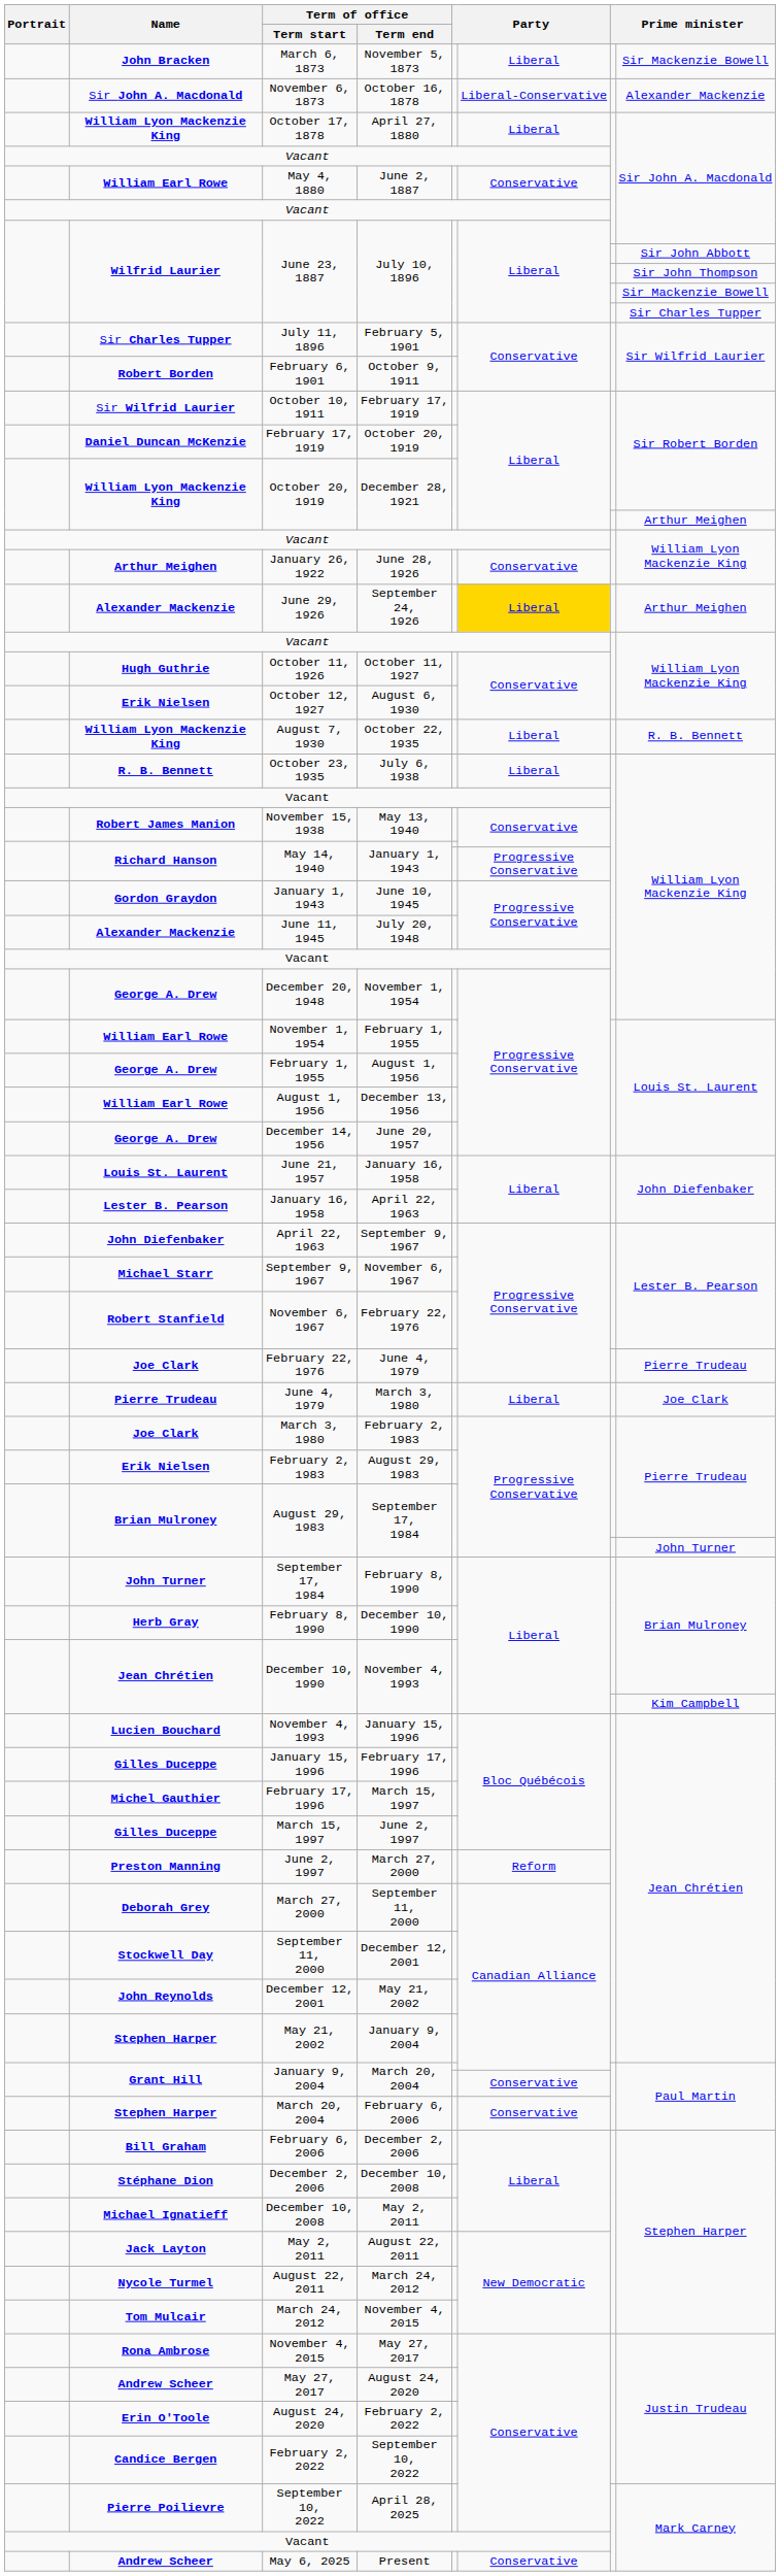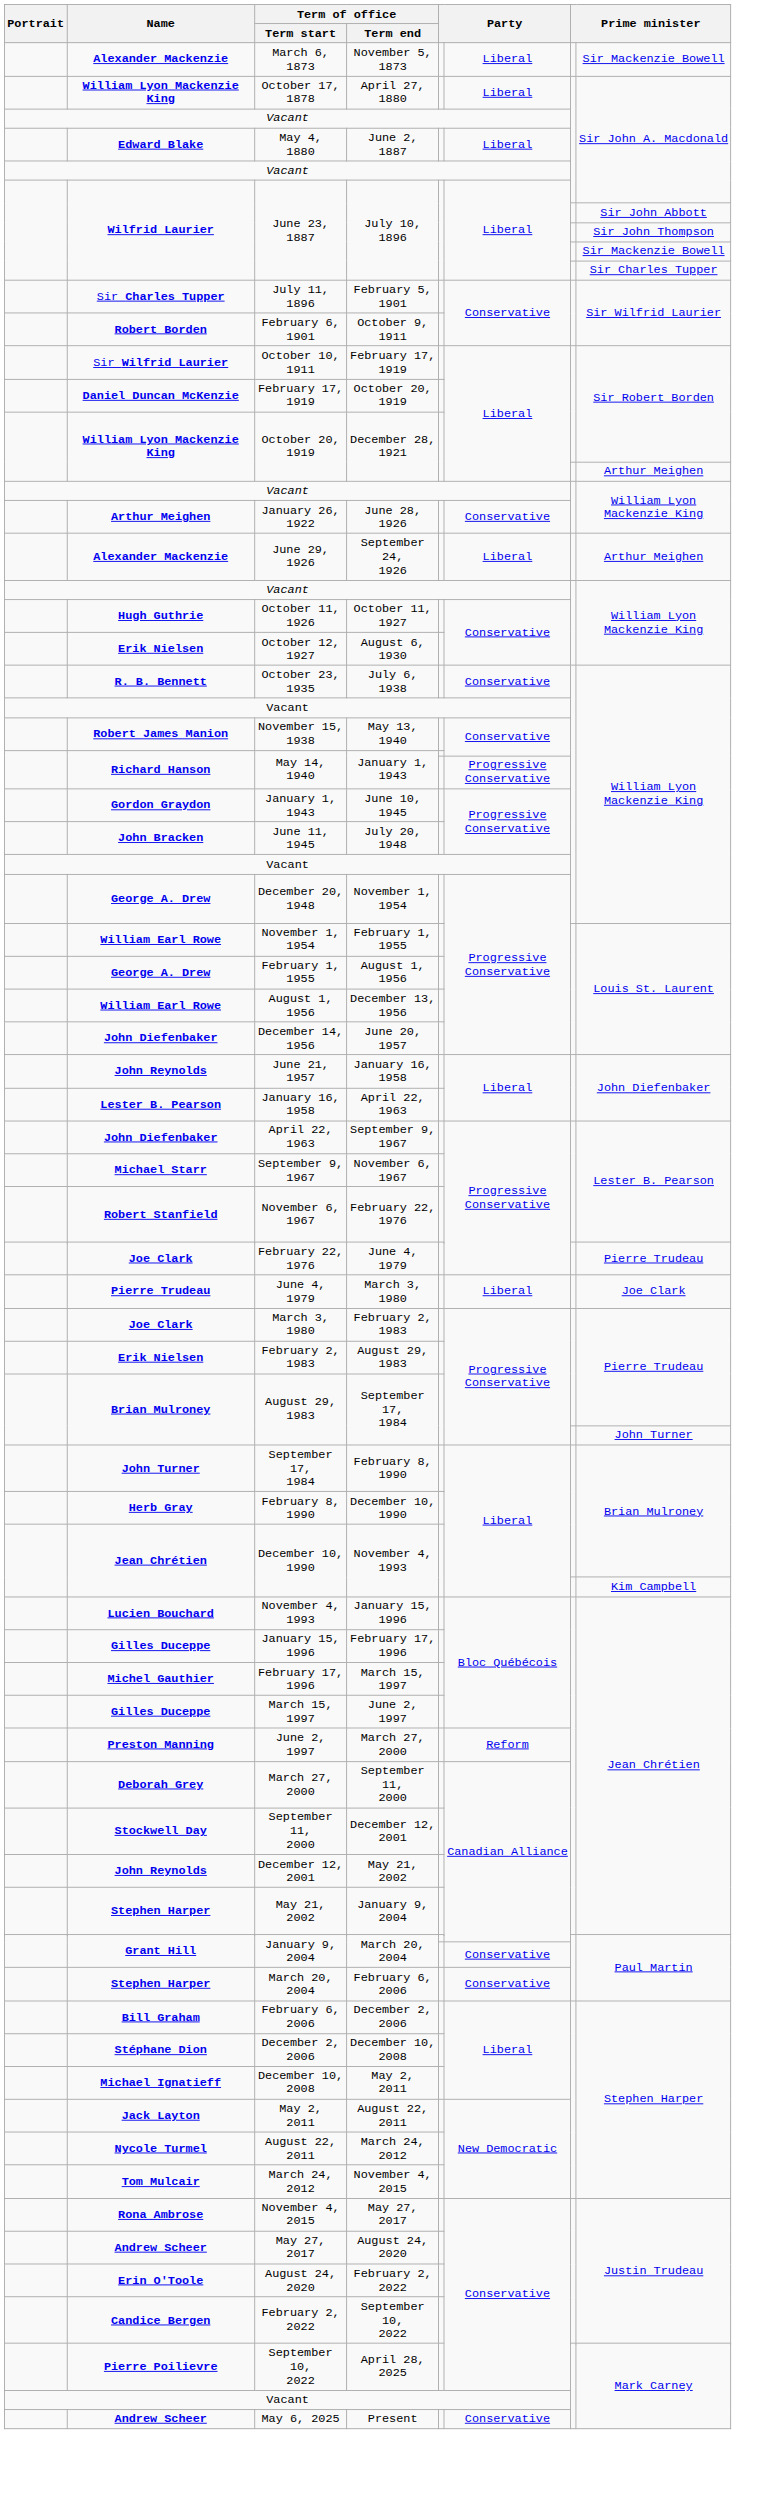 <table class="wikitable sortable mw-collapsible sticky-header-multi" style="text-align:center;">
 <tr>
 <th rowspan="2" scope="col">Portrait</th>
 <th rowspan="2" scope="col" width="200px">Name<br></th>
 <th colspan="2" scope="col" width="100px">Term of office</th>
 <th colspan="2" rowspan="2">Party</th>
 <th colspan="2" rowspan="2">Prime minister<br></th>
 </tr>
 <tr>
 <th width="95px">Term start</th>
 <th width="95px">Term end</th>
 </tr>
 <tr>
 <td></td>
-<td><strong><a href='#'>John Bracken</a></strong><br></td>
+<td><a href='#'><strong>Alexander Mackenzie</strong></a><br></td>
 <td>March 6,<br>1873</td>
 <td>November 5,<br>1873</td>
 <td style="background:"></td>
 <td><a href='#'>Liberal</a></td>
 <td style="background:"></td>
 <td><a href='#'>Sir Mackenzie Bowell</a><br><a href='#'></a></td>
-</tr>
-<tr>
-<td></td>
-<td><a href='#'>Sir <strong>John A. Macdonald</strong></a><br></td>
-<td>November 6,<br>1873</td>
-<td>October 16,<br>1878</td>
-<td style="background:"></td>
-<td><a href='#'>Liberal-Conservative</a></td>
-<td style="background:"></td>
-<td><a href='#'>Alexander Mackenzie</a><br><a href='#'></a></td>
 </tr>
 <tr>
 <td></td>
 <td><strong><a href='#'>William Lyon Mackenzie King</a></strong><br></td>
 <td>October 17,<br>1878</td>
 <td>April 27,<br>1880</td>
 <td style="background:"></td>
 <td><a href='#'>Liberal</a></td>
 <td rowspan="5" style="background:"></td>
 <td rowspan="5"><a href='#'>Sir John A. Macdonald</a><br><a href='#'></a></td>
 </tr>
 <tr>
 <td colspan="6"><em>Vacant</em><br></td>
 </tr>
 <tr>
 <td></td>
-<td><strong><a href='#'>William Earl Rowe</a></strong><br></td>
+<td><strong><a href='#'>Edward Blake</a></strong><br></td>
 <td>May 4,<br>1880</td>
 <td>June 2,<br>1887</td>
 <td style="background:"></td>
-<td><a href='#'>Conservative</a></td>
+<td><a href='#'>Liberal</a></td>
 </tr>
 <tr>
 <td colspan="6"><em>Vacant</em><br></td>
 </tr>
 <tr style="height:25px">
 <td rowspan="5"></td>
 <td rowspan="5"><strong><a href='#'>Wilfrid Laurier</a></strong><br></td>
 <td rowspan="5">June 23,<br>1887</td>
 <td rowspan="5">July 10,<br>1896</td>
 <td rowspan="5" style="background:"></td>
 <td rowspan="5"><a href='#'>Liberal</a></td>
 </tr>
 <tr>
 <td style="background:"></td>
 <td><a href='#'>Sir John Abbott</a><br><a href='#'></a></td>
 </tr>
 <tr>
 <td style="background:"></td>
 <td><a href='#'>Sir John Thompson</a><br><a href='#'></a></td>
 </tr>
 <tr>
 <td style="background:"></td>
 <td><a href='#'>Sir Mackenzie Bowell</a><br><a href='#'></a></td>
 </tr>
 <tr>
 <td style="background:"></td>
 <td><a href='#'>Sir Charles Tupper</a><br><a href='#'></a></td>
 </tr>
 <tr>
 <td></td>
 <td><a href='#'>Sir <strong>Charles Tupper</strong></a><br></td>
 <td>July 11,<br>1896</td>
 <td>February 5,<br>1901</td>
 <td style="background:"></td>
 <td rowspan="2"><a href='#'>Conservative</a></td>
 <td rowspan="2" style="background:"></td>
 <td rowspan="2"><a href='#'>Sir Wilfrid Laurier</a><br><a href='#'></a></td>
 </tr>
 <tr>
 <td></td>
 <td><strong><a href='#'>Robert Borden</a></strong><br></td>
 <td>February 6,<br>1901</td>
 <td>October 9,<br>1911</td>
 <td style="background:"></td>
 </tr>
 <tr>
 <td></td>
 <td><a href='#'>Sir <strong>Wilfrid Laurier</strong></a><br></td>
 <td>October 10,<br>1911</td>
 <td>February 17,<br>1919</td>
 <td style="background:"></td>
 <td rowspan="4"><a href='#'>Liberal</a></td>
 <td rowspan="3" style="background:"></td>
 <td rowspan="3"><a href='#'>Sir Robert Borden</a><br><a href='#'></a><br><a href='#'></a></td>
 </tr>
 <tr>
 <td></td>
 <td><strong><a href='#'>Daniel Duncan McKenzie</a></strong><br></td>
 <td>February 17,<br>1919</td>
 <td>October 20,<br>1919</td>
 <td style="background:"></td>
 </tr>
 <tr style="height:55px">
 <td rowspan="2"></td>
 <td rowspan="2"><strong><a href='#'>William Lyon Mackenzie King</a></strong><br></td>
 <td rowspan="2">October 20,<br>1919</td>
 <td rowspan="2">December 28,<br>1921</td>
 <td rowspan="2" style="background:"></td>
 </tr>
 <tr>
 <td style="background:"></td>
 <td><a href='#'>Arthur Meighen</a><br><a href='#'></a></td>
 </tr>
 <tr>
 <td colspan="6"><em>Vacant</em><em><br></em></td>
 <td rowspan="2" style="background:"></td>
 <td rowspan="2"><a href='#'>William Lyon<br>Mackenzie King</a><br><a href='#'></a></td>
 </tr>
 <tr>
 <td></td>
 <td><strong><a href='#'>Arthur Meighen</a></strong><br></td>
 <td>January 26,<br>1922</td>
 <td>June 28,<br>1926</td>
 <td style="background:"></td>
 <td><a href='#'>Conservative</a></td>
 </tr>
 <tr>
 <td></td>
 <td><a href='#'><strong>Alexander Mackenzie</strong></a><br></td>
 <td>June 29,<br>1926</td>
 <td>September 24,<br>1926</td>
 <td style="background:"></td>
-<td style="background: gold;"><a href='#'>Liberal</a></td>
+<td><a href='#'>Liberal</a></td>
 <td style="background:"></td>
 <td><a href='#'>Arthur Meighen</a><br><a href='#'></a></td>
 </tr>
 <tr>
 <td colspan="6"><em>Vacant</em><em><br></td>
 <td rowspan="3" style="background:"></td>
 <td rowspan="3"><a href='#'>William Lyon<br>Mackenzie King</a><br><a href='#'></a></td>
 </tr>
 <tr>
 <td></td>
 <td><strong><a href='#'>Hugh Guthrie</a></strong><br></td>
 <td>October 11,<br>1926</td>
 <td>October 11,<br>1927</td>
 <td style="background:"></td>
 <td rowspan="2"><a href='#'>Conservative</a></td>
 </tr>
 <tr>
 <td></td>
 <td><strong><a href='#'>Erik Nielsen</a></strong><br></td>
 <td>October 12,<br>1927</td>
 <td>August 6,<br>1930</td>
 <td style="background:"></td>
 </tr>
 <tr>
 <td></td>
-<td><strong><a href='#'>William Lyon Mackenzie King</a></strong><br></td>
-<td>August 7,<br>1930</td>
-<td>October 22,<br>1935</td>
-<td style="background:"></td>
-<td><a href='#'>Liberal</a></td>
-<td style="background:"></td>
-<td><a href='#'>R. B. Bennett</a><br><a href='#'></a></td>
-</tr>
-<tr>
-<td></td>
 <td><strong><a href='#'>R. B. Bennett</a></strong><br></td>
 <td>October 23,<br>1935</td>
 <td>July 6,<br>1938</td>
 <td style="background:"></td>
-<td><a href='#'>Liberal</a></td>
+<td><a href='#'>Conservative</a></td>
 <td rowspan="9" style="background:"></td>
 <td rowspan="9"><a href='#'>William Lyon<br>Mackenzie King</a><br><a href='#'></a></td>
 </tr>
 <tr>
 <td colspan="6"></em>Vacant<em></em><br><em></td>
 </tr>
 <tr>
 <td></td>
 <td><strong><a href='#'>Robert James Manion</a></strong><br></td>
 <td>November 15,<br>1938</td>
 <td>May 13,<br>1940</td>
 <td style="background:"></td>
 <td rowspan="2"><a href='#'>Conservative</a></td>
 </tr>
 <tr>
 <td rowspan="2"></td>
 <td rowspan="2"><a href='#'><strong>Richard Hanson</strong></a><br></td>
 <td rowspan="2">May 14,<br>1940</td>
 <td rowspan="2">January 1,<br>1943</td>
 <td style="background:"></td>
 </tr>
 <tr>
 <td style="background:"></td>
 <td><a href='#'>Progressive<br>Conservative</a></td>
 </tr>
 <tr>
 <td></td>
 <td><strong><a href='#'>Gordon Graydon</a></strong><br></td>
 <td>January 1,<br>1943</td>
 <td>June 10,<br>1945</td>
 <td style="background:"></td>
 <td rowspan="2"><a href='#'>Progressive<br>Conservative</a></td>
 </tr>
 <tr>
 <td></td>
-<td><a href='#'><strong>Alexander Mackenzie</strong></a><br></td>
+<td><strong><a href='#'>John Bracken</a></strong><br></td>
 <td>June 11,<br>1945</td>
 <td>July 20,<br>1948</td>
 <td style="background:"></td>
 </tr>
 <tr>
 <td colspan="6"></em>Vacant<em><br></td>
 </tr>
 <tr style="height:54px">
 <td rowspan="2"></td>
 <td rowspan="2"><strong><a href='#'>George A. Drew</a></strong><br></td>
 <td rowspan="2">December 20,<br>1948</td>
 <td rowspan="2">November 1,<br>1954</td>
 <td rowspan="2" style="background:"></td>
 <td rowspan="6"><a href='#'>Progressive<br>Conservative</a></td>
 </tr>
 <tr>
 <td rowspan="5" style="background:"></td>
 <td rowspan="5"><a href='#'>Louis St. Laurent</a><br><a href='#'></a></td>
 </tr>
 <tr>
 <td></td>
 <td><strong><a href='#'>William Earl Rowe</a></strong><br></td>
 <td>November 1,<br>1954</td>
 <td>February 1,<br>1955</td>
 <td style="background:"></td>
 </tr>
 <tr>
 <td></td>
 <td><strong><a href='#'>George A. Drew</a></strong><br></td>
 <td>February 1,<br>1955</td>
 <td>August 1,<br>1956</td>
 <td style="background:"></td>
 </tr>
 <tr>
 <td></td>
 <td><strong><a href='#'>William Earl Rowe</a></strong><br></td>
 <td>August 1,<br>1956</td>
 <td>December 13,<br>1956</td>
 <td style="background:"></td>
 </tr>
 <tr>
 <td></td>
-<td><strong><a href='#'>George A. Drew</a></strong><br></td>
+<td><strong><a href='#'>John Diefenbaker</a></strong><br></td>
 <td>December 14,<br>1956</td>
 <td>June 20,<br>1957</td>
 <td style="background:"></td>
 </tr>
 <tr>
 <td></td>
-<td><strong><a href='#'>Louis St. Laurent</a></strong><br></td>
+<td><a href='#'><strong>John Reynolds</strong></a><br></td>
 <td>June 21,<br>1957</td>
 <td>January 16,<br>1958</td>
 <td style="background:"></td>
 <td rowspan="2"><a href='#'>Liberal</a></td>
 <td rowspan="2" style="background:"></td>
 <td rowspan="2"><a href='#'>John Diefenbaker</a><br><a href='#'></a></td>
 </tr>
 <tr>
 <td></td>
 <td><strong><a href='#'>Lester B. Pearson</a></strong><br></td>
 <td>January 16,<br>1958</td>
 <td>April 22,<br>1963</td>
 <td style="background:"></td>
 </tr>
 <tr>
 <td></td>
 <td><strong><a href='#'>John Diefenbaker</a></strong><br></td>
 <td>April 22,<br>1963</td>
 <td>September 9,<br>1967</td>
 <td style="background:"></td>
 <td rowspan="5"><a href='#'>Progressive<br>Conservative</a></td>
 <td rowspan="3" style="background:"></td>
 <td rowspan="3"><a href='#'>Lester B. Pearson</a><br><a href='#'></a></td>
 </tr>
 <tr>
 <td></td>
 <td><a href='#'><strong>Michael Starr</strong></a><br></td>
 <td>September 9,<br>1967</td>
 <td>November 6,<br>1967</td>
 <td style="background:"></td>
 </tr>
 <tr style="height:61px">
 <td rowspan="2"></td>
 <td rowspan="2"><strong><a href='#'>Robert Stanfield</a></strong><br></td>
 <td rowspan="2">November 6,<br>1967</td>
 <td rowspan="2">February 22,<br>1976</td>
 <td rowspan="2" style="background:"></td>
 </tr>
 <tr>
 <td rowspan="2" style="background:"></td>
 <td rowspan="2"><a href='#'>Pierre Trudeau</a><br><a href='#'></a></td>
 </tr>
 <tr>
 <td></td>
 <td><strong><a href='#'>Joe Clark</a></strong><br></td>
 <td>February 22,<br>1976</td>
 <td>June 4,<br>1979</td>
 <td style="background:"></td>
 </tr>
 <tr>
 <td></td>
 <td><strong><a href='#'>Pierre Trudeau</a></strong><br></td>
 <td>June 4,<br>1979</td>
 <td>March 3,<br>1980</td>
 <td style="background:"></td>
 <td><a href='#'>Liberal</a></td>
 <td style="background:"></td>
 <td><a href='#'>Joe Clark</a><br><a href='#'></a></td>
 </tr>
 <tr>
 <td></td>
 <td><strong><a href='#'>Joe Clark</a></strong><br></td>
 <td>March 3,<br>1980</td>
 <td>February 2,<br>1983</td>
 <td style="background:"></td>
 <td rowspan="4"><a href='#'>Progressive<br>Conservative</a></td>
 <td rowspan="3" style="background:"></td>
 <td rowspan="3"><a href='#'>Pierre Trudeau</a><br><a href='#'></a></td>
 </tr>
 <tr>
 <td></td>
 <td><strong><a href='#'>Erik Nielsen</a></strong><br></td>
 <td>February 2,<br>1983</td>
 <td>August 29,<br>1983</td>
 <td style="background:"></td>
 </tr>
 <tr style="height:57px">
 <td rowspan="2"></td>
 <td rowspan="2"><strong><a href='#'>Brian Mulroney</a></strong><br></td>
 <td rowspan="2">August 29,<br>1983</td>
 <td rowspan="2">September 17,<br>1984</td>
 <td rowspan="2" style="background:"></td>
 </tr>
 <tr>
 <td style="background:"></td>
 <td><a href='#'>John Turner</a><br><a href='#'></a></td>
 </tr>
 <tr>
 <td></td>
 <td><strong><a href='#'>John Turner</a></strong><br></td>
 <td>September 17,<br>1984</td>
 <td>February 8,<br>1990</td>
 <td style="background:"></td>
 <td rowspan="4"><a href='#'>Liberal</a></td>
 <td rowspan="3" style="background:"></td>
 <td rowspan="3"><a href='#'>Brian Mulroney</a><br><a href='#'></a></td>
 </tr>
 <tr>
 <td></td>
 <td><strong><a href='#'>Herb Gray</a></strong><br></td>
 <td>February 8,<br>1990</td>
 <td>December 10,<br>1990</td>
 <td style="background:"></td>
 </tr>
 <tr style="height:58px">
 <td rowspan="2"></td>
 <td rowspan="2"><strong><a href='#'>Jean Chrétien</a></strong><br></td>
 <td rowspan="2">December 10,<br>1990</td>
 <td rowspan="2">November 4,<br>1993</td>
 <td rowspan="2" style="background:"></td>
 </tr>
 <tr>
 <td style="background:"></td>
 <td><a href='#'>Kim Campbell</a><br><a href='#'></a></td>
 </tr>
 <tr>
 <td></td>
 <td><strong><a href='#'>Lucien Bouchard</a></strong><br></td>
 <td>November 4,<br>1993</td>
 <td>January 15,<br>1996</td>
 <td style="background:"></td>
 <td rowspan="4"><a href='#'>Bloc Québécois</a></td>
 <td rowspan="9" style="background:"></td>
 <td rowspan="9"><a href='#'>Jean Chrétien</a><br><a href='#'></a></td>
 </tr>
 <tr>
 <td></td>
 <td><strong><a href='#'>Gilles Duceppe</a></strong><br></td>
 <td>January 15,<br>1996</td>
 <td>February 17,<br>1996</td>
 <td style="background:"></td>
 </tr>
 <tr>
 <td></td>
 <td><strong><a href='#'>Michel Gauthier</a></strong><br></td>
 <td>February 17,<br>1996</td>
 <td>March 15,<br>1997</td>
 <td style="background:"></td>
 </tr>
 <tr>
 <td></td>
 <td><strong><a href='#'>Gilles Duceppe</a></strong><br></td>
 <td>March 15,<br>1997</td>
 <td>June 2,<br>1997</td>
 <td style="background:"></td>
 </tr>
 <tr>
 <td></td>
 <td><strong><a href='#'>Preston Manning</a></strong><br></td>
 <td>June 2,<br>1997</td>
 <td>March 27,<br>2000</td>
 <td style="background:"></td>
 <td><a href='#'>Reform</a></td>
 </tr>
 <tr>
 <td></td>
 <td><strong><a href='#'>Deborah Grey</a></strong><br></td>
 <td>March 27,<br>2000</td>
 <td>September 11,<br>2000</td>
 <td style="background:"></td>
 <td rowspan="6"><a href='#'>Canadian Alliance</a></td>
 </tr>
 <tr>
 <td></td>
 <td><strong><a href='#'>Stockwell Day</a></strong><br></td>
 <td>September 11,<br>2000</td>
 <td>December 12,<br>2001</td>
 <td style="background:"></td>
 </tr>
 <tr>
 <td></td>
 <td><a href='#'><strong>John Reynolds</strong></a><br></td>
 <td>December 12,<br>2001</td>
 <td>May 21,<br>2002</td>
 <td style="background:"></td>
 </tr>
 <tr style="height:52px">
 <td rowspan="2"></td>
 <td rowspan="2"><strong><a href='#'>Stephen Harper</a></strong><br></td>
 <td rowspan="2">May 21,<br>2002</td>
 <td rowspan="2">January 9,<br>2004</td>
 <td rowspan="2" style="background:"></td>
 </tr>
 <tr>
 <td rowspan="4" style="background:"></td>
 <td rowspan="4"><a href='#'>Paul Martin</a><br><a href='#'></a></td>
 </tr>
 <tr>
 <td rowspan="2"></td>
 <td rowspan="2"><a href='#'><strong>Grant Hill</strong></a><br></td>
 <td rowspan="2">January 9,<br>2004</td>
 <td rowspan="2">March 20,<br>2004</td>
 <td style="background:"></td>
 </tr>
 <tr>
 <td style="background:"></td>
 <td><a href='#'>Conservative</a></td>
 </tr>
 <tr>
 <td></td>
 <td><strong><a href='#'>Stephen Harper</a></strong><br></td>
 <td>March 20,<br>2004</td>
 <td>February 6,<br>2006</td>
 <td style="background:"></td>
 <td><a href='#'>Conservative</a></td>
 </tr>
 <tr>
 <td></td>
 <td><a href='#'><strong>Bill Graham</strong></a><br></td>
 <td>February 6,<br>2006</td>
 <td>December 2,<br>2006</td>
 <td style="background:"></td>
 <td rowspan="3"><a href='#'>Liberal</a></td>
 <td rowspan="6" style="background:"></td>
 <td rowspan="6"><a href='#'>Stephen Harper</a><br><a href='#'></a></td>
 </tr>
 <tr>
 <td></td>
 <td><strong><a href='#'>Stéphane Dion</a></strong><br></td>
 <td>December 2,<br>2006</td>
 <td>December 10,<br>2008</td>
 <td style="background:"></td>
 </tr>
 <tr>
 <td></td>
 <td><strong><a href='#'>Michael Ignatieff</a></strong><br></td>
 <td>December 10,<br>2008</td>
 <td>May 2,<br>2011</td>
 <td style="background:"></td>
 </tr>
 <tr>
 <td></td>
 <td><strong><a href='#'>Jack Layton</a></strong><br></td>
 <td>May 2,<br>2011</td>
 <td>August 22,<br>2011</td>
 <td style="background:"></td>
 <td rowspan="3"><a href='#'>New Democratic</a></td>
 </tr>
 <tr>
 <td></td>
 <td><strong><a href='#'>Nycole Turmel</a></strong><br></td>
 <td>August 22,<br>2011</td>
 <td>March 24,<br>2012</td>
 <td style="background:"></td>
 </tr>
 <tr>
 <td></td>
 <td><strong><a href='#'>Tom Mulcair</a></strong><br></td>
 <td>March 24,<br>2012</td>
 <td>November 4,<br>2015</td>
 <td style="background:"></td>
 </tr>
 <tr>
 <td></td>
 <td><strong><a href='#'>Rona Ambrose</a></strong><br></td>
 <td>November 4,<br>2015</td>
 <td>May 27,<br>2017</td>
 <td style="background:"></td>
 <td rowspan="6"><a href='#'>Conservative</a></td>
 <td rowspan="5" style="background:"></td>
 <td rowspan="5"><a href='#'>Justin Trudeau</a><br><a href='#'></a></td>
 </tr>
 <tr>
 <td></td>
 <td><strong><a href='#'>Andrew Scheer</a></strong><br></td>
 <td>May 27,<br>2017</td>
 <td>August 24,<br>2020</td>
 <td style="background:"></td>
 </tr>
 <tr>
 <td></td>
 <td><strong><a href='#'>Erin O'Toole</a></strong><br></td>
 <td>August 24,<br>2020</td>
 <td>February 2,<br>2022</td>
 <td style="background:"></td>
 </tr>
 <tr>
 <td></td>
 <td><a href='#'><strong>Candice Bergen</strong></a><br></td>
 <td>February 2,<br>2022</td>
 <td>September 10,<br>2022</td>
 <td style="background:"></td>
 </tr>
 <tr>
 <td rowspan="2"></td>
 <td rowspan="2"><strong><a href='#'>Pierre Poilievre</a></strong><br></td>
 <td rowspan="2">September 10,<br>2022</td>
 <td rowspan="2">April 28,<br>2025</td>
 <td rowspan="2" style="background:"></td>
 </tr>
 <tr>
 <td rowspan="3" style="background:"></td>
 <td rowspan="3"><a href='#'>Mark Carney</a><br><a href='#'></a></td>
 </tr>
 <tr>
 <td colspan="6"></em>Vacant<em><br></td>
 </tr>
 <tr>
 <td></td>
 <td><strong><a href='#'>Andrew Scheer</a></strong><br></td>
 <td>May 6, 2025</td>
 <td>Present</td>
 <td style="background:"></td>
 <td><a href='#'>Conservative</a></td>
 </tr>
 </table>
